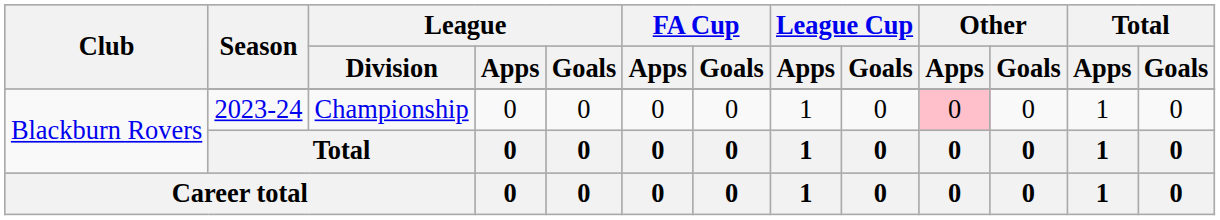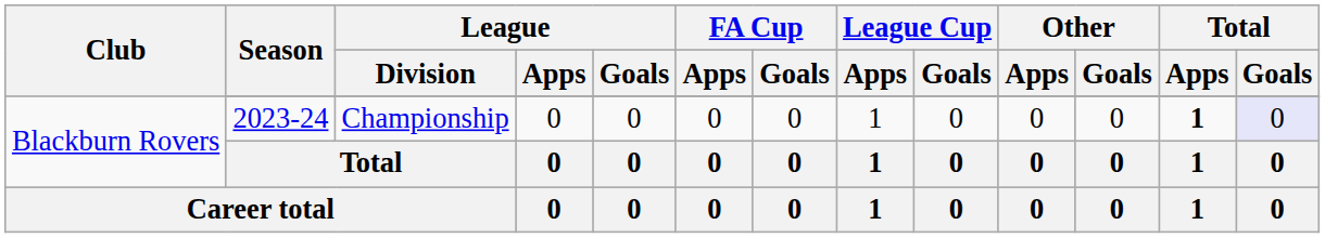 <table class="wikitable" style="text-align: center">
 <tr>
 <th rowspan="2">Club</th>
 <th rowspan="2">Season</th>
 <th colspan="3">League</th>
 <th colspan="2"><a href='#'>FA Cup</a></th>
 <th colspan="2"><a href='#'>League Cup</a></th>
 <th colspan="2">Other</th>
 <th colspan="2">Total</th>
 </tr>
 <tr>
 <th>Division</th>
 <th>Apps</th>
 <th>Goals</th>
 <th>Apps</th>
 <th>Goals</th>
 <th>Apps</th>
 <th>Goals</th>
 <th>Apps</th>
 <th>Goals</th>
 <th>Apps</th>
 <th>Goals</th>
 </tr>
 <tr>
 <td rowspan="3"><a href='#'>Blackburn Rovers</a></td>
 </tr>
 <tr>
 <td><a href='#'>2023-24</a></td>
 <td rowspan="1"><a href='#'>Championship</a></td>
 <td>0</td>
 <td>0</td>
 <td>0</td>
 <td>0</td>
 <td>1</td>
 <td>0</td>
-<td style="background: pink;">0</td>
 <td>0</td>
-<td>1</td>
 <td>0</td>
+<td><strong>1</strong></td>
+<td style="background: lavender;">0</td>
 </tr>
 <tr>
 <th colspan="2">Total</th>
 <th>0</th>
 <th>0</th>
 <th>0</th>
 <th>0</th>
 <th>1</th>
 <th>0</th>
 <th>0</th>
 <th>0</th>
 <th>1</th>
 <th>0</th>
 </tr>
 <tr>
 <th colspan="3">Career total</th>
 <th>0</th>
 <th>0</th>
 <th>0</th>
 <th>0</th>
 <th>1</th>
 <th>0</th>
 <th>0</th>
 <th>0</th>
 <th>1</th>
 <th>0</th>
 </tr>
 </table>
